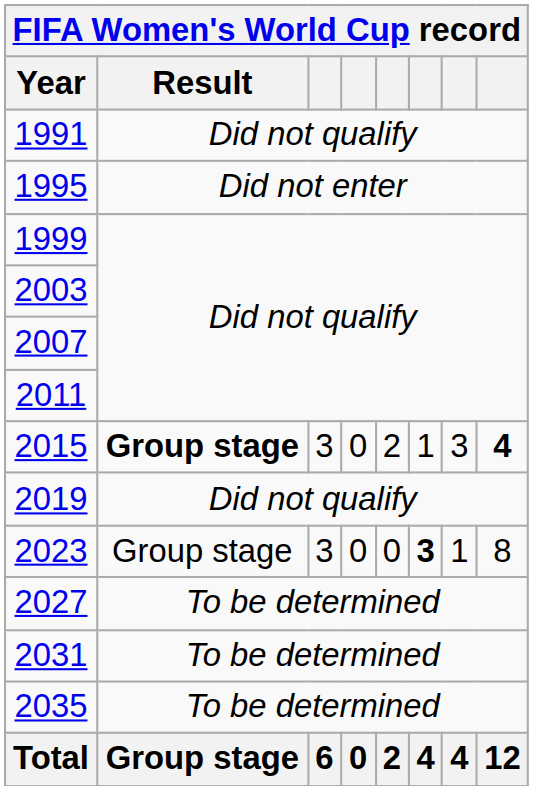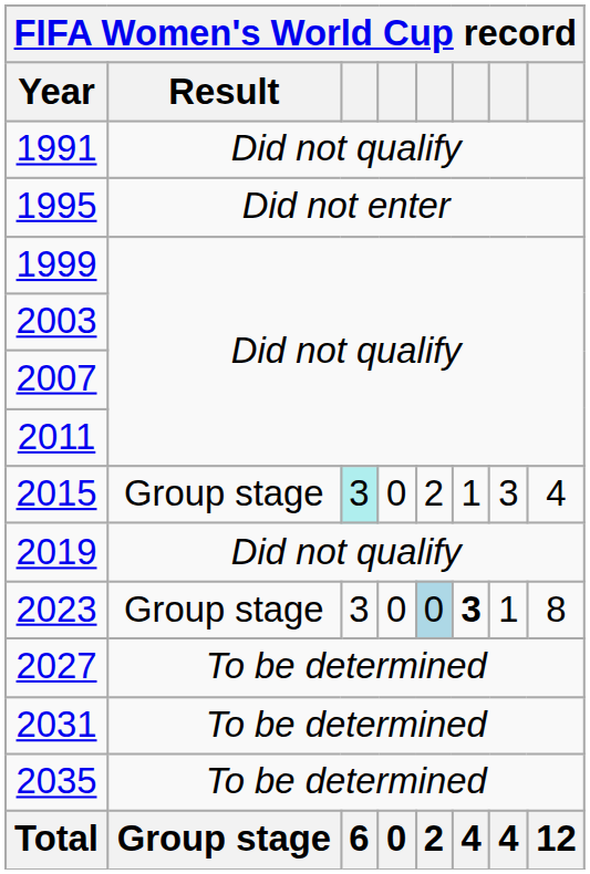 <table class="wikitable" style="text-align: center;">
 <tr>
 <th colspan=9><a href='#'>FIFA Women's World Cup</a> record</th>
 </tr>
 <tr>
 <th>Year</th>
 <th>Result</th>
 <th></th>
 <th></th>
 <th></th>
 <th></th>
 <th></th>
 <th></th>
 </tr>
 <tr>
 <td> <a href='#'>1991</a></td>
 <td colspan=7><em>Did not qualify</em></td>
 </tr>
 <tr>
 <td> <a href='#'>1995</a></td>
 <td colspan=7><em>Did not enter</em></td>
 </tr>
 <tr>
 <td> <a href='#'>1999</a></td>
 <td colspan=7 rowspan=4><em>Did not qualify</em></td>
 </tr>
 <tr>
 <td> <a href='#'>2003</a></td>
 </tr>
 <tr>
 <td> <a href='#'>2007</a></td>
 </tr>
 <tr>
 <td> <a href='#'>2011</a></td>
 </tr>
 <tr>
 <td> <a href='#'>2015</a></td>
-<td><strong>Group stage</strong></td>
-<td>3</td>
+<td>Group stage</td>
+<td style="background: paleturquoise;">3</td>
 <td>0</td>
 <td>2</td>
 <td>1</td>
 <td>3</td>
-<td><strong>4</strong></td>
+<td>4</td>
 </tr>
 <tr>
 <td> <a href='#'>2019</a></td>
 <td colspan=7><em>Did not qualify</em></td>
 </tr>
 <tr>
 <td> <a href='#'>2023</a></td>
 <td>Group stage</td>
 <td>3</td>
 <td>0</td>
-<td>0</td>
+<td style="background: lightblue;">0</td>
 <td><strong>3</strong></td>
 <td>1</td>
 <td>8</td>
 </tr>
 <tr>
 <td> <a href='#'>2027</a></td>
 <td colspan=7><em>To be determined</em></td>
 </tr>
 <tr>
 <td> <a href='#'>2031</a></td>
 <td colspan=7><em>To be determined</em></td>
 </tr>
 <tr>
 <td> <a href='#'>2035</a></td>
 <td colspan=7><em>To be determined</em></td>
 </tr>
 <tr>
 <th>Total</th>
 <th>Group stage</th>
 <th>6</th>
 <th>0</th>
 <th>2</th>
 <th>4</th>
 <th>4</th>
 <th>12</th>
 </tr>
 </table>
